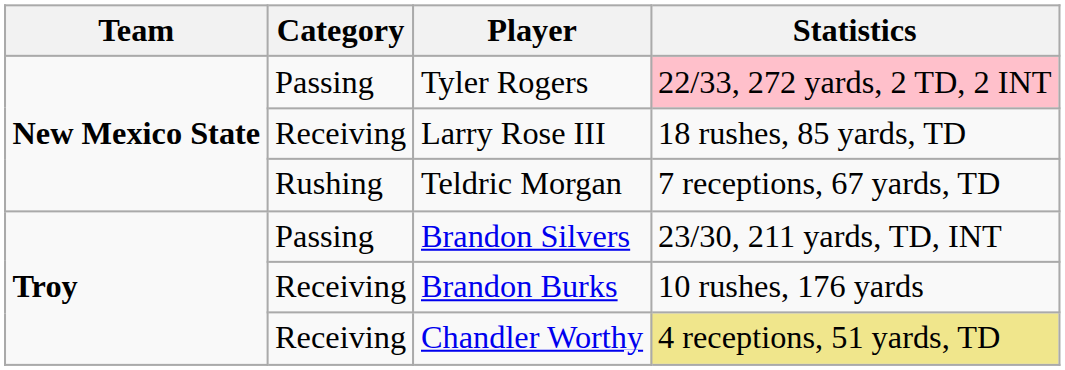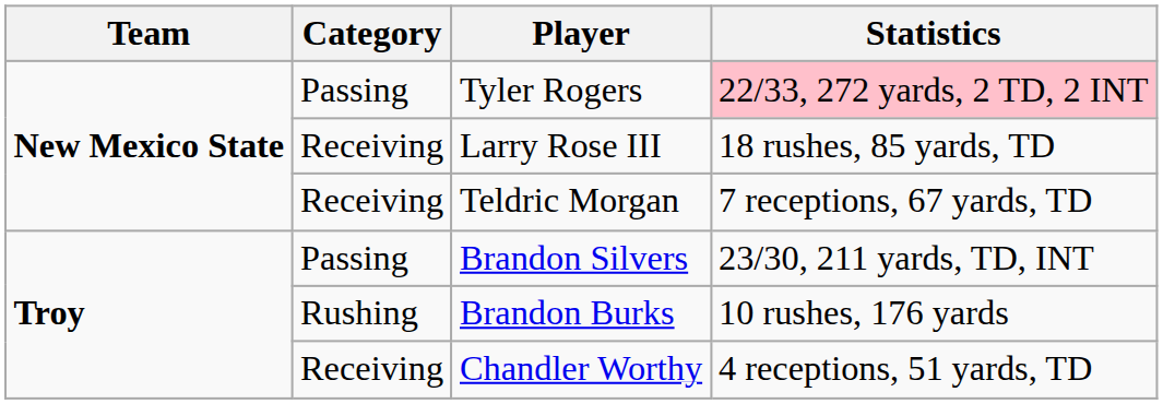 <table class="wikitable" style="float: left;">
 <tr>
 <th>Team</th>
 <th>Category</th>
 <th>Player</th>
 <th>Statistics</th>
 </tr>
 <tr>
 <td rowspan=3><strong>New Mexico State</strong></td>
 <td>Passing</td>
 <td>Tyler Rogers</td>
 <td style="background: pink;">22/33, 272 yards, 2 TD, 2 INT</td>
 </tr>
 <tr>
 <td>Receiving</td>
 <td>Larry Rose III</td>
 <td>18 rushes, 85 yards, TD</td>
 </tr>
 <tr>
-<td>Rushing</td>
+<td>Receiving</td>
 <td>Teldric Morgan</td>
 <td>7 receptions, 67 yards, TD</td>
 </tr>
 <tr>
 <td rowspan=3><strong>Troy</strong></td>
 <td>Passing</td>
 <td><a href='#'>Brandon Silvers</a></td>
 <td>23/30, 211 yards, TD, INT</td>
 </tr>
 <tr>
-<td>Receiving</td>
+<td>Rushing</td>
 <td><a href='#'>Brandon Burks</a></td>
 <td>10 rushes, 176 yards</td>
 </tr>
 <tr>
 <td>Receiving</td>
 <td><a href='#'>Chandler Worthy</a></td>
-<td style="background: khaki;">4 receptions, 51 yards, TD</td>
+<td>4 receptions, 51 yards, TD</td>
 </tr>
 </table>
